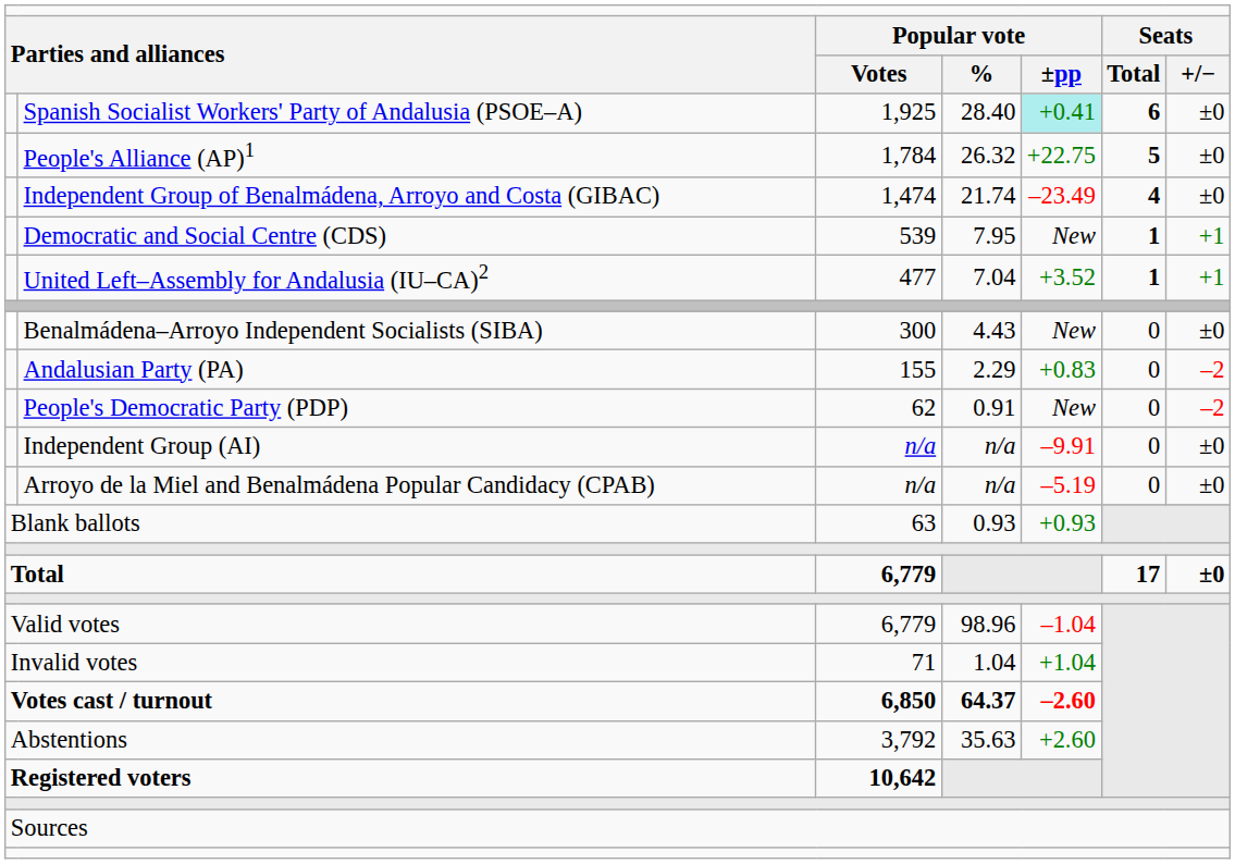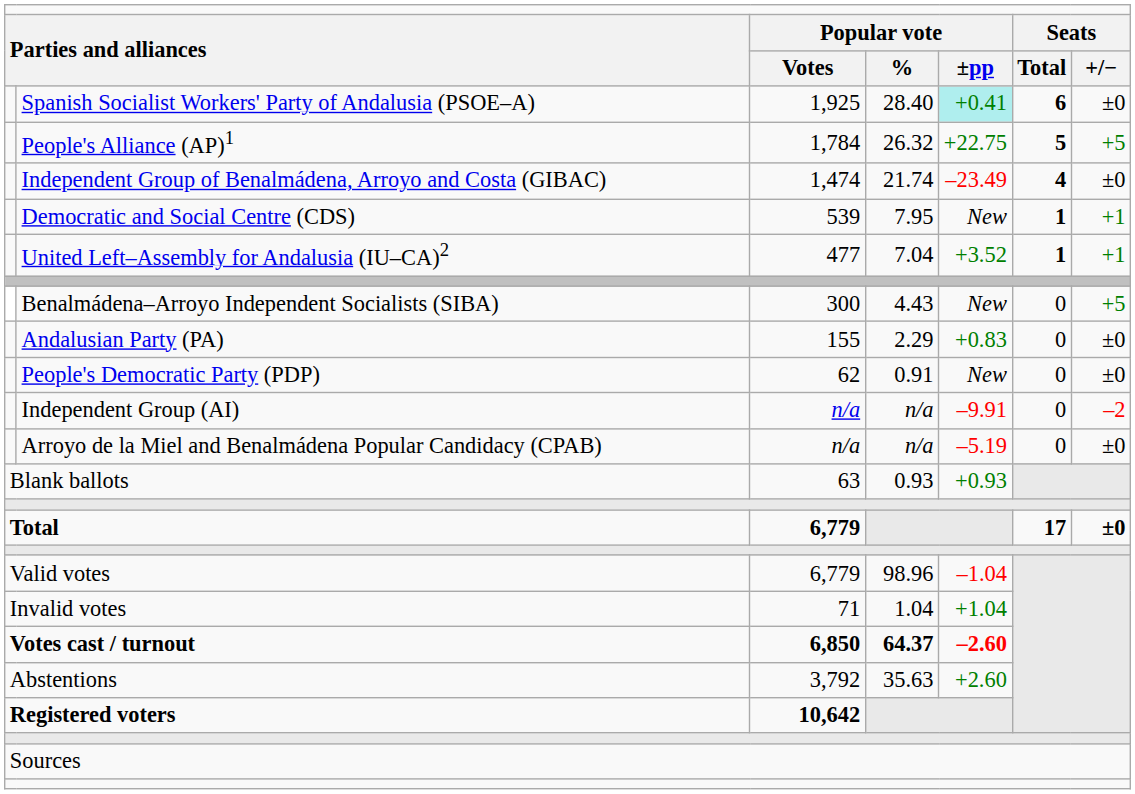 <table class="wikitable" style="text-align:right;">
 <tr>
 <td colspan="7"></td>
 </tr>
 <tr>
 <th style="text-align:left;" rowspan="2" colspan="2" width="525">Parties and alliances</th>
 <th colspan="3">Popular vote</th>
 <th colspan="2">Seats</th>
 </tr>
 <tr>
 <th width="75">Votes</th>
 <th width="45">%</th>
 <th width="45">±<a href='#'>pp</a></th>
 <th width="35">Total</th>
 <th width="35">+/−</th>
 </tr>
 <tr>
 <td width="1" style="color:inherit;background:"></td>
 <td align="left"><a href='#'>Spanish Socialist Workers' Party of Andalusia</a> (PSOE–A)</td>
 <td>1,925</td>
 <td>28.40</td>
 <td style="background: paleturquoise; color:green;">+0.41</td>
 <td><strong>6</strong></td>
 <td>±0</td>
 </tr>
 <tr>
 <td style="color:inherit;background:"></td>
 <td align="left"><a href='#'>People's Alliance</a> (AP)<sup>1</sup></td>
 <td>1,784</td>
 <td>26.32</td>
 <td style="color:green;">+22.75</td>
 <td><strong>5</strong></td>
-<td>±0</td>
+<td style="color:green;">+5</td>
 </tr>
 <tr>
 <td style="color:inherit;background:"></td>
 <td align="left"><a href='#'>Independent Group of Benalmádena, Arroyo and Costa</a> (GIBAC)</td>
 <td>1,474</td>
 <td>21.74</td>
 <td style="color:red;">–23.49</td>
 <td><strong>4</strong></td>
 <td>±0</td>
 </tr>
 <tr>
 <td style="color:inherit;background:"></td>
 <td align="left"><a href='#'>Democratic and Social Centre</a> (CDS)</td>
 <td>539</td>
 <td>7.95</td>
 <td><em>New</em></td>
 <td><strong>1</strong></td>
 <td style="color:green;">+1</td>
 </tr>
 <tr>
 <td style="color:inherit;background:"></td>
 <td align="left"><a href='#'>United Left–Assembly for Andalusia</a> (IU–CA)<sup>2</sup></td>
 <td>477</td>
 <td>7.04</td>
 <td style="color:green;">+3.52</td>
 <td><strong>1</strong></td>
 <td style="color:green;">+1</td>
 </tr>
 <tr>
 <td colspan="7" bgcolor="#C0C0C0"></td>
 </tr>
 <tr>
 <td bgcolor="white"></td>
 <td align="left">Benalmádena–Arroyo Independent Socialists (SIBA)</td>
 <td>300</td>
 <td>4.43</td>
 <td><em>New</em></td>
 <td>0</td>
-<td>±0</td>
+<td style="color:green;">+5</td>
 </tr>
 <tr>
 <td style="color:inherit;background:"></td>
 <td align="left"><a href='#'>Andalusian Party</a> (PA)</td>
 <td>155</td>
 <td>2.29</td>
 <td style="color:green;">+0.83</td>
 <td>0</td>
-<td style="color:red;">–2</td>
+<td>±0</td>
 </tr>
 <tr>
 <td style="color:inherit;background:"></td>
 <td align="left"><a href='#'>People's Democratic Party</a> (PDP)</td>
 <td>62</td>
 <td>0.91</td>
 <td><em>New</em></td>
 <td>0</td>
-<td style="color:red;">–2</td>
+<td>±0</td>
 </tr>
 <tr>
 <td style="color:inherit;background:"></td>
 <td align="left">Independent Group (AI)</td>
 <td><em><a href='#'>n/a</a></em></td>
 <td><em>n/a</em></td>
 <td style="color:red;">–9.91</td>
 <td>0</td>
-<td>±0</td>
+<td style="color:red;">–2</td>
 </tr>
 <tr>
 <td style="color:inherit;background:"></td>
 <td align="left">Arroyo de la Miel and Benalmádena Popular Candidacy (CPAB)</td>
 <td><em>n/a</em></td>
 <td><em>n/a</em></td>
 <td style="color:red;">–5.19</td>
 <td>0</td>
 <td>±0</td>
 </tr>
 <tr>
 <td align="left" colspan="2">Blank ballots</td>
 <td>63</td>
 <td>0.93</td>
 <td style="color:green;">+0.93</td>
 <td bgcolor="#E9E9E9" colspan="2"></td>
 </tr>
 <tr>
 <td colspan="7" bgcolor="#E9E9E9"></td>
 </tr>
 <tr style="font-weight:bold;">
 <td align="left" colspan="2">Total</td>
 <td>6,779</td>
 <td bgcolor="#E9E9E9" colspan="2"></td>
 <td>17</td>
 <td>±0</td>
 </tr>
 <tr>
 <td colspan="7" bgcolor="#E9E9E9"></td>
 </tr>
 <tr>
 <td align="left" colspan="2">Valid votes</td>
 <td>6,779</td>
 <td>98.96</td>
 <td style="color:red;">–1.04</td>
 <td bgcolor="#E9E9E9" colspan="2" rowspan="5"></td>
 </tr>
 <tr>
 <td align="left" colspan="2">Invalid votes</td>
 <td>71</td>
 <td>1.04</td>
 <td style="color:green;">+1.04</td>
 </tr>
 <tr style="font-weight:bold;">
 <td align="left" colspan="2">Votes cast / turnout</td>
 <td>6,850</td>
 <td>64.37</td>
 <td style="color:red;">–2.60</td>
 </tr>
 <tr>
 <td align="left" colspan="2">Abstentions</td>
 <td>3,792</td>
 <td>35.63</td>
 <td style="color:green;">+2.60</td>
 </tr>
 <tr style="font-weight:bold;">
 <td align="left" colspan="2">Registered voters</td>
 <td>10,642</td>
 <td bgcolor="#E9E9E9" colspan="2"></td>
 </tr>
 <tr>
 <td colspan="7" bgcolor="#E9E9E9"></td>
 </tr>
 <tr>
 <td align="left" colspan="7">Sources</td>
 </tr>
 <tr>
 <td colspan="7" style="text-align:left; max-width:790px;"></td>
 </tr>
 </table>
